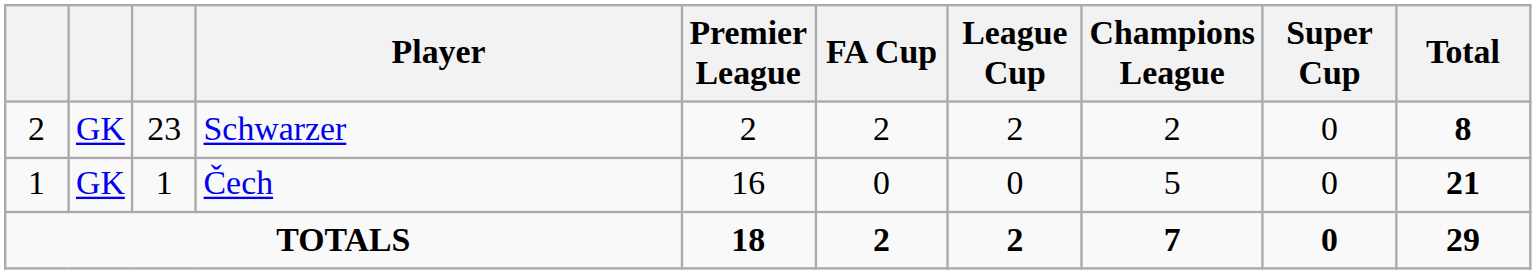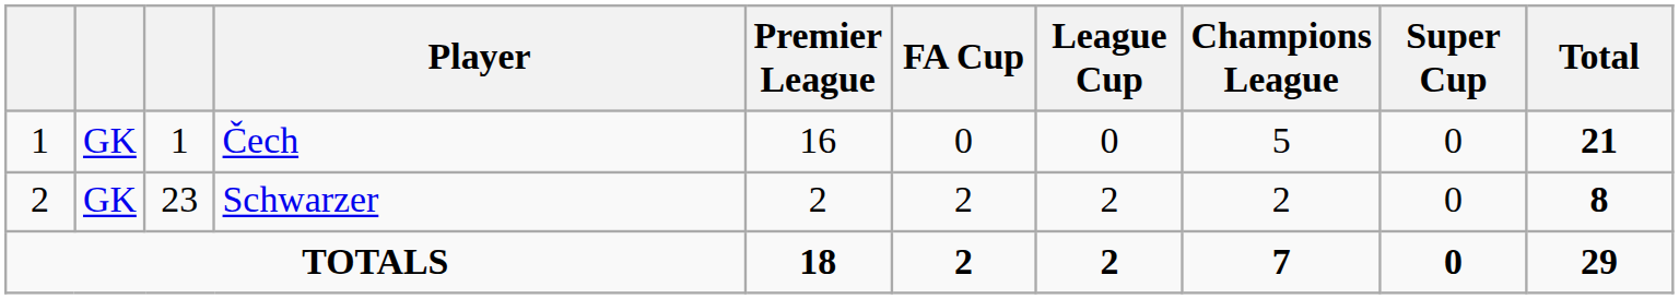 <table class="wikitable" style="font-size: 90%; text-align: center">
 <tr>
 <th width=20></th>
 <th width=20></th>
 <th width=20></th>
 <th width=200>Player</th>
 <th width=50>Premier League</th>
 <th width=50>FA Cup</th>
 <th width=50>League Cup</th>
 <th width=50>Champions League</th>
 <th width=50>Super Cup</th>
 <th width=50>Total</th>
 </tr>
 <tr>
+<td>1</td>
+<td><a href='#'>GK</a></td>
+<td>1</td>
+<td align=left> <a href='#'>Čech</a></td>
+<td>16</td>
+<td>0</td>
+<td>0</td>
+<td>5</td>
+<td>0</td>
+<td><strong>21</strong></td>
+</tr>
+<tr>
 <td>2</td>
 <td><a href='#'>GK</a></td>
 <td>23</td>
 <td align=left> <a href='#'>Schwarzer</a></td>
 <td>2</td>
 <td>2</td>
 <td>2</td>
 <td>2</td>
 <td>0</td>
 <td><strong>8</strong></td>
 </tr>
 <tr>
-<td>1</td>
-<td><a href='#'>GK</a></td>
-<td>1</td>
-<td align=left> <a href='#'>Čech</a></td>
-<td>16</td>
-<td>0</td>
-<td>0</td>
-<td>5</td>
-<td>0</td>
-<td><strong>21</strong></td>
-</tr>
-<tr>
 <td colspan="4"><strong>TOTALS</strong></td>
 <td><strong>18</strong></td>
 <td><strong>2</strong></td>
 <td><strong>2</strong></td>
 <td><strong>7</strong></td>
 <td><strong>0</strong></td>
 <td><strong>29</strong></td>
 </tr>
 </table>
